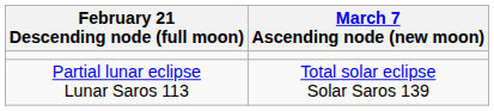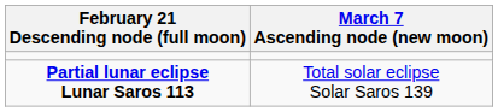 <table class="wikitable">
 <tr>
 <th>February 21<br>Descending node (full moon)<br></th>
 <th><a href='#'>March 7</a><br>Ascending node (new moon)<br></th>
 </tr>
 <tr>
 <td></td>
 <td></td>
 </tr>
 <tr align=center>
-<td><a href='#'>Partial lunar eclipse</a><br>Lunar Saros 113</td>
+<td><strong><a href='#'>Partial lunar eclipse</a><br>Lunar Saros 113</strong></td>
 <td><a href='#'>Total solar eclipse</a><br>Solar Saros 139</td>
 </tr>
 </table>
